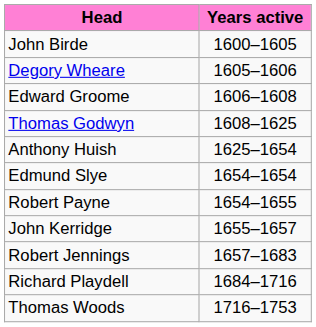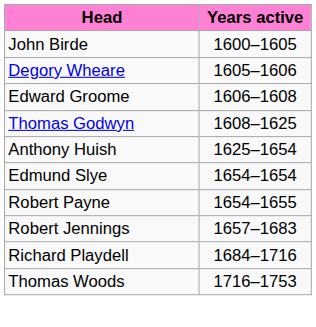 <table class="wikitable" style="font-size: 100%;">
 <tr>
 <th width=180 style="background: #ff80d5;">Head</th>
 <th width=100 style="background: #ff80d5;">Years active</th>
 </tr>
 <tr align=center>
 <td align="left">John Birde</td>
 <td>1600–1605</td>
 </tr>
 <tr align=center>
 <td align="left"><a href='#'>Degory Wheare</a></td>
 <td>1605–1606</td>
 </tr>
 <tr align=center>
 <td align="left">Edward Groome</td>
 <td>1606–1608</td>
 </tr>
 <tr align=center>
 <td align="left"><a href='#'>Thomas Godwyn</a></td>
 <td>1608–1625</td>
 </tr>
 <tr align=center>
 <td align="left">Anthony Huish</td>
 <td>1625–1654</td>
 </tr>
 <tr align=center>
 <td align="left">Edmund Slye</td>
 <td>1654–1654</td>
 </tr>
 <tr align=center>
 <td align="left">Robert Payne</td>
 <td>1654–1655</td>
 </tr>
 <tr align=center>
-<td align="left">John Kerridge</td>
-<td>1655–1657</td>
-</tr>
-<tr align=center>
 <td align="left">Robert Jennings</td>
 <td>1657–1683</td>
 </tr>
 <tr align=center>
 <td align="left">Richard Playdell</td>
 <td>1684–1716</td>
 </tr>
 <tr align=center>
 <td align="left">Thomas Woods</td>
 <td>1716–1753</td>
 </tr>
 </table>
